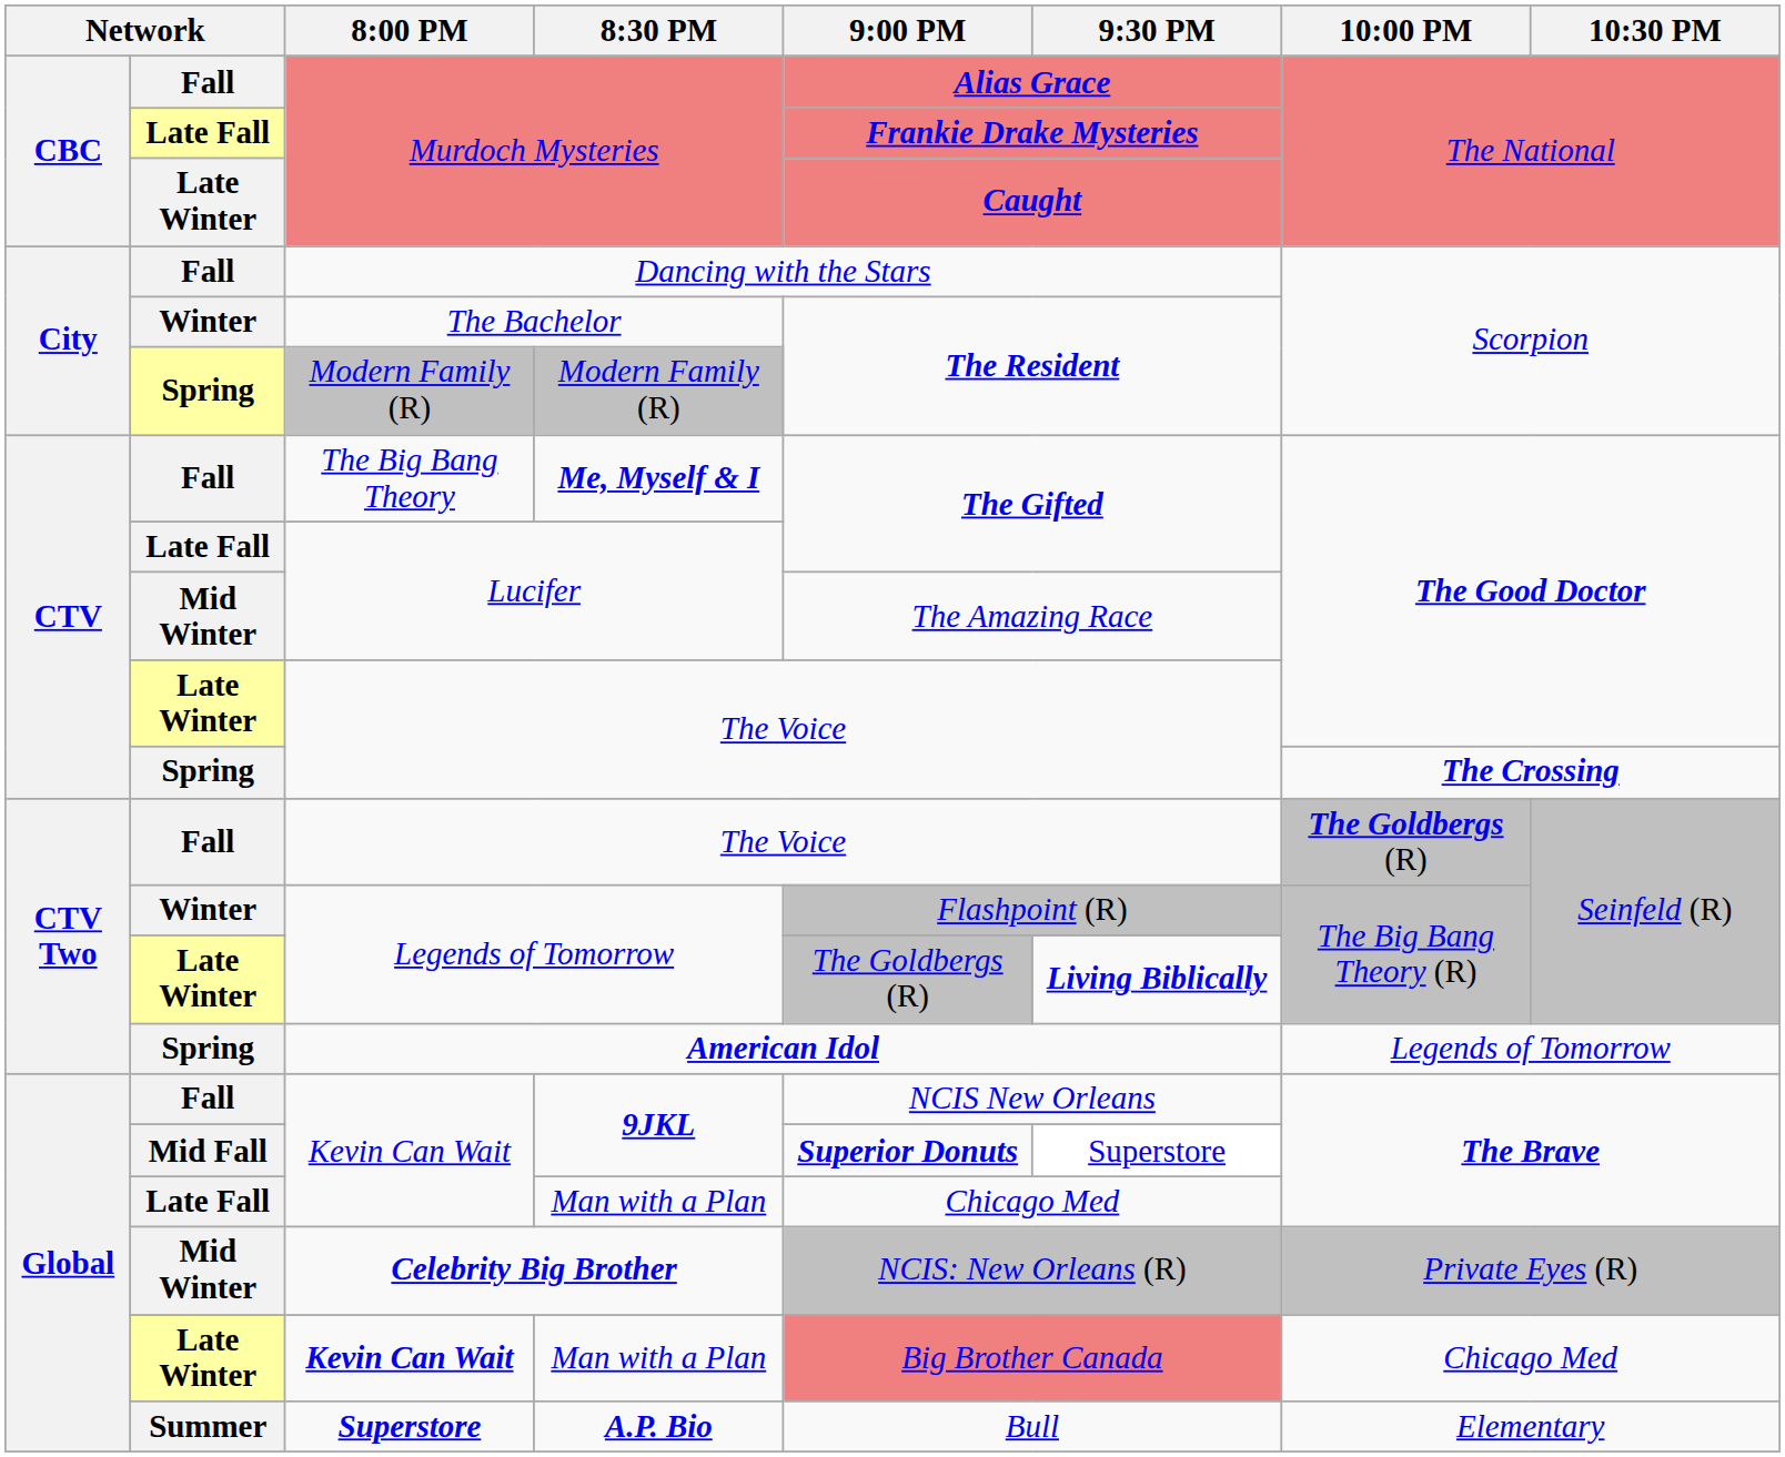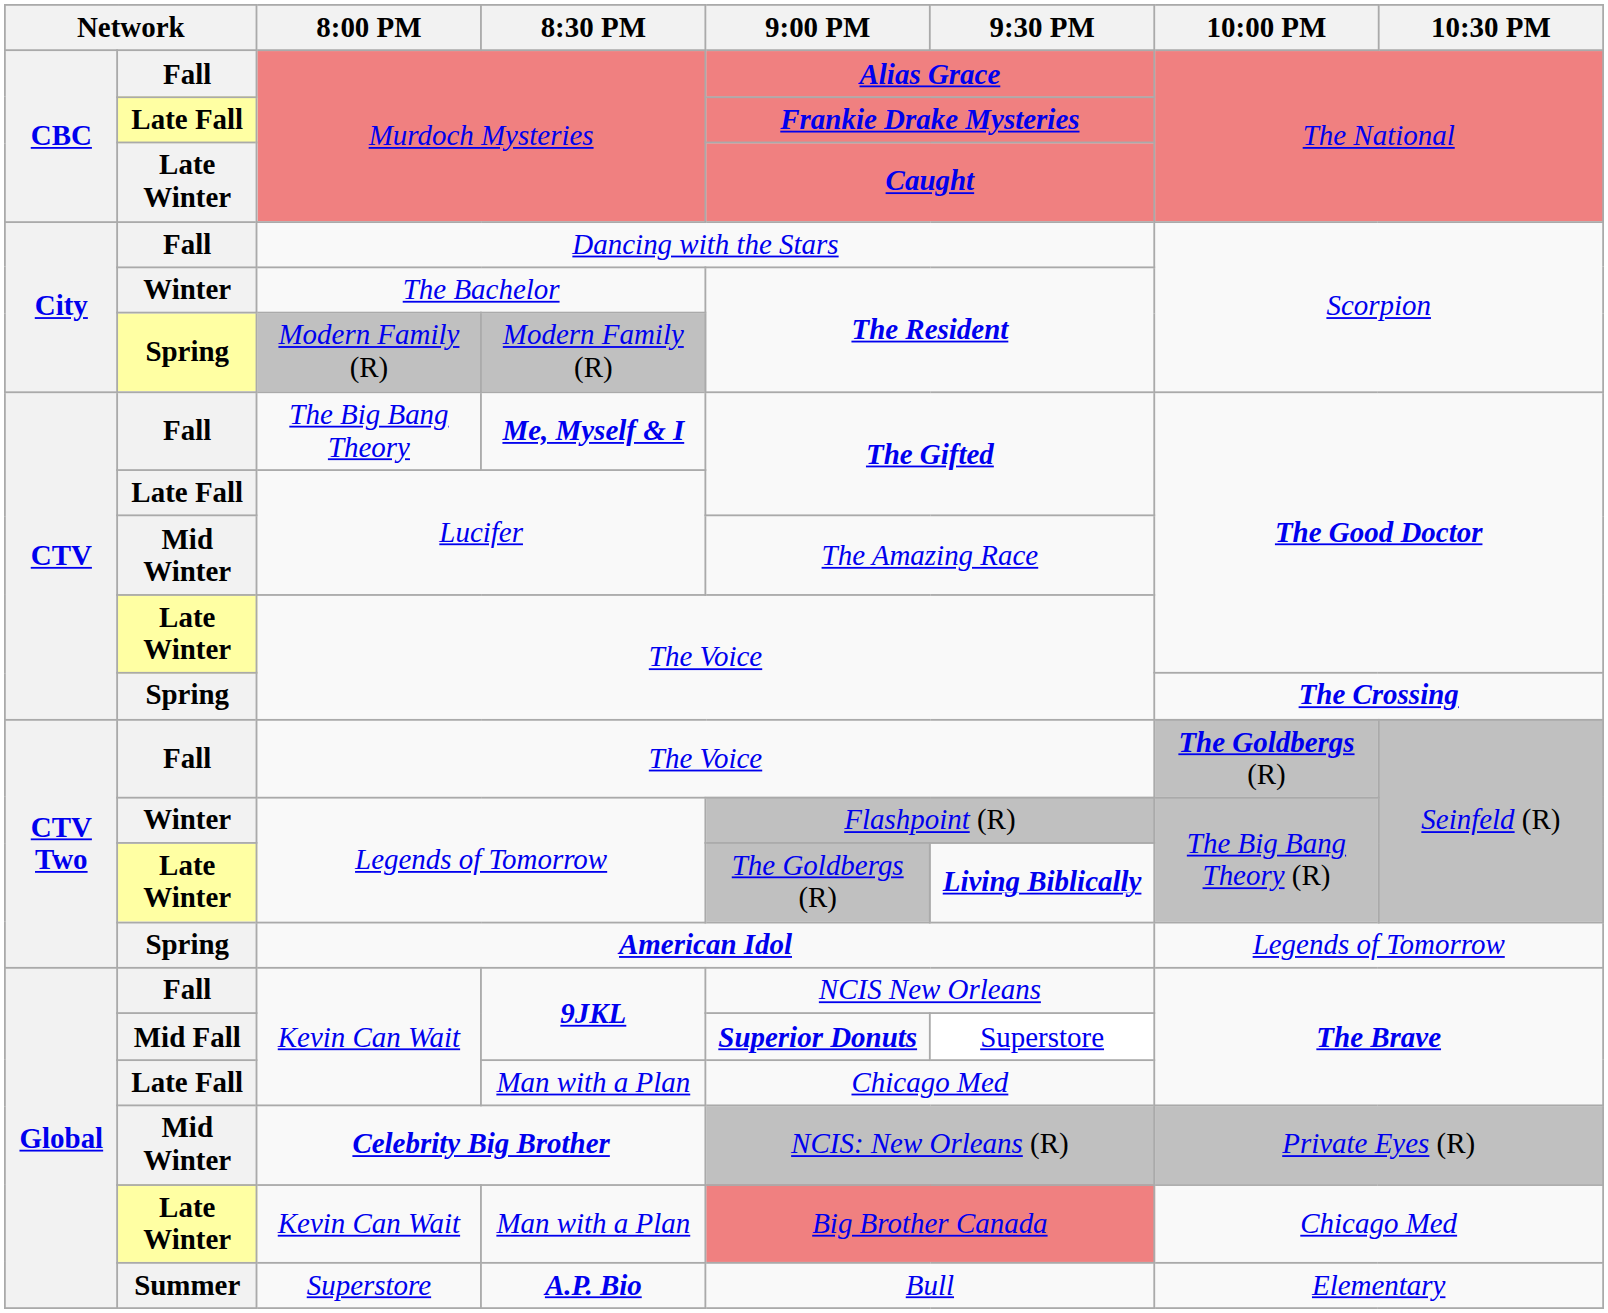 <table class="wikitable" style="width:100%;margin-right:0;text-align:center">
 <tr>
 <th colspan="2" style="width:10%;">Network</th>
 <th style="width:11.5%;">8:00 PM</th>
 <th style="width:11.5%;">8:30 PM</th>
 <th style="width:11.5%;">9:00 PM</th>
 <th style="width:11.5%;">9:30 PM</th>
 <th style="width:11.5%;">10:00 PM</th>
 <th style="width:11.5%;">10:30 PM</th>
 </tr>
 <tr>
 <th rowspan="3"><a href='#'>CBC</a></th>
 <th>Fall</th>
 <td rowspan="3" colspan="2" style="background:#f08080;"><em><a href='#'>Murdoch Mysteries</a></em></td>
 <td colspan="2" style="background:#f08080;"><strong><em><a href='#'>Alias Grace</a></em></strong></td>
 <td rowspan="3" colspan="2" style="background:#f08080;"><em><a href='#'>The National</a></em></td>
 </tr>
 <tr>
 <th style="background:#FFFFA3;">Late Fall</th>
 <td colspan="2" style="background:#f08080;"><strong><em><a href='#'>Frankie Drake Mysteries</a></em></strong></td>
 </tr>
 <tr>
 <th>Late Winter</th>
 <td colspan="2" style="background:#f08080;"><strong><em><a href='#'>Caught</a></em></strong> </td>
 </tr>
 <tr>
 <th rowspan="3"><a href='#'>City</a></th>
 <th>Fall</th>
 <td colspan="4"><em><a href='#'>Dancing with the Stars</a></em></td>
 <td rowspan="3" colspan="2"><em><a href='#'>Scorpion</a></em></td>
 </tr>
 <tr>
 <th>Winter</th>
 <td colspan="2"><em><a href='#'>The Bachelor</a></em></td>
 <td rowspan="2" colspan="2"><strong><em><a href='#'>The Resident</a></em></strong></td>
 </tr>
 <tr>
 <th style="background:#FFFFA3;">Spring</th>
 <td style="background:silver;"><em><a href='#'>Modern Family</a></em> (R)</td>
 <td style="background:silver;"><em><a href='#'>Modern Family</a></em> (R)</td>
 </tr>
 <tr>
 <th rowspan="5"><a href='#'>CTV</a></th>
 <th>Fall</th>
 <td><em><a href='#'>The Big Bang Theory</a></em></td>
 <td><strong><em><a href='#'>Me, Myself & I</a></em></strong></td>
 <td rowspan="2" colspan="2"><strong><em><a href='#'>The Gifted</a></em></strong></td>
 <td rowspan="4" colspan="2"><strong><em><a href='#'>The Good Doctor</a></em></strong></td>
 </tr>
 <tr>
 <th>Late Fall</th>
 <td rowspan="2" colspan="2"><em><a href='#'>Lucifer</a></em></td>
 </tr>
 <tr>
 <th>Mid Winter</th>
 <td colspan="2"><em><a href='#'>The Amazing Race</a></em></td>
 </tr>
 <tr>
 <th style="background:#FFFFA3;">Late Winter</th>
 <td rowspan="2" colspan="4"><em><a href='#'>The Voice</a></em></td>
 </tr>
 <tr>
 <th>Spring</th>
 <td colspan="2"><strong><em><a href='#'>The Crossing</a></em></strong></td>
 </tr>
 <tr>
 <th rowspan="4"><a href='#'>CTV Two</a></th>
 <th>Fall</th>
 <td colspan="4"><em><a href='#'>The Voice</a></em></td>
 <td style="background:silver;"><strong><em><a href='#'>The Goldbergs</a></em></strong> (R)</td>
 <td rowspan="3" style="background:silver;"><em><a href='#'>Seinfeld</a></em> (R)</td>
 </tr>
 <tr>
 <th>Winter</th>
 <td colspan="2" rowspan="2"><em><a href='#'>Legends of Tomorrow</a></em></td>
 <td colspan="2" style="background:silver;"><em><a href='#'>Flashpoint</a></em> (R)</td>
 <td rowspan="2" style="background:silver;"><em><a href='#'>The Big Bang Theory</a></em> (R)</td>
 </tr>
 <tr>
 <th style="background:#FFFFA3;">Late Winter</th>
 <td style="background:silver;"><em><a href='#'>The Goldbergs</a></em> (R)</td>
 <td><strong><em><a href='#'>Living Biblically</a></em></strong></td>
 </tr>
 <tr>
 <th>Spring</th>
 <td colspan="4"><strong><em><a href='#'>American Idol</a></em></strong></td>
 <td colspan="2"><em><a href='#'>Legends of Tomorrow</a></em></td>
 </tr>
 <tr>
 <th rowspan="6"><a href='#'>Global</a></th>
 <th>Fall</th>
 <td rowspan="3"><em><a href='#'>Kevin Can Wait</a></em></td>
 <td rowspan="2"><strong><em><a href='#'>9JKL</a></em></strong></td>
 <td colspan="2"><em><a href='#'>NCIS New Orleans</a></em></td>
 <td rowspan="3" colspan="2"><strong><em><a href='#'>The Brave</a></em></strong></td>
 </tr>
 <tr>
 <th>Mid Fall</th>
 <td><strong><em><a href='#'>Superior Donuts</a></em></strong></td>
 <td style="background:white;"><a href='#'>Superstore</a></td>
 </tr>
 <tr>
 <th>Late Fall</th>
 <td><em><a href='#'>Man with a Plan</a></em></td>
 <td colspan="2"><em><a href='#'>Chicago Med</a></em></td>
 </tr>
 <tr>
 <th>Mid Winter</th>
 <td colspan="2"><strong><em><a href='#'>Celebrity Big Brother</a></em></strong></td>
 <td colspan="2" style="background:silver;"><em><a href='#'>NCIS: New Orleans</a></em> (R)</td>
 <td colspan="2" style="background:silver;"><em><a href='#'>Private Eyes</a></em> (R)</td>
 </tr>
 <tr>
 <th style="background:#FFFFA3;">Late Winter</th>
-<td><strong><em><a href='#'>Kevin Can Wait</a></em></strong></td>
+<td><em><a href='#'>Kevin Can Wait</a></em></td>
 <td><em><a href='#'>Man with a Plan</a></em></td>
 <td colspan="2" style="background:#f08080;"><em><a href='#'>Big Brother Canada</a></em></td>
 <td colspan="2"><em><a href='#'>Chicago Med</a></em></td>
 </tr>
 <tr>
 <th>Summer</th>
-<td><strong><em><a href='#'>Superstore</a></em></strong></td>
+<td><em><a href='#'>Superstore</a></em></td>
 <td><strong><em><a href='#'>A.P. Bio</a></em></strong></td>
 <td colspan="2"><em><a href='#'>Bull</a></em></td>
 <td colspan="2"><em><a href='#'>Elementary</a></em></td>
 </tr>
 </table>
